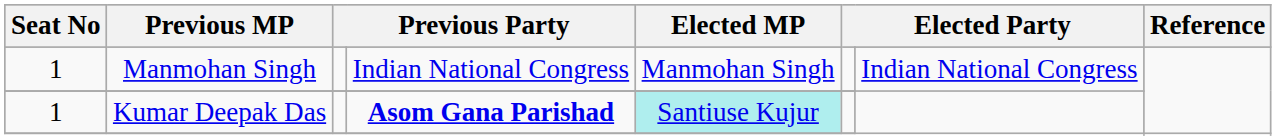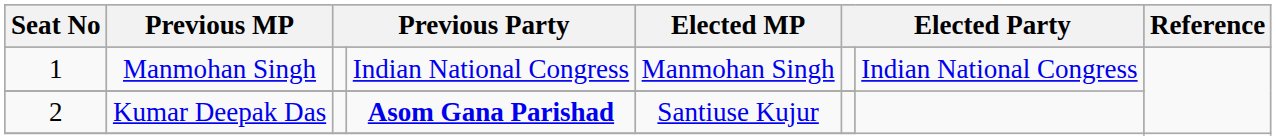 <table class="wikitable">
 <tr>
 <th>Seat No</th>
 <th>Previous MP</th>
 <th colspan=2>Previous Party</th>
 <th>Elected MP</th>
 <th colspan=2>Elected Party</th>
 <th>Reference</th>
 </tr>
 <tr style="text-align:center;">
 <td>1</td>
 <td><a href='#'>Manmohan Singh</a></td>
 <td></td>
 <td><a href='#'>Indian National Congress</a></td>
 <td><a href='#'>Manmohan Singh</a></td>
 <td></td>
 <td rowspan=2><a href='#'>Indian National Congress</a></td>
 <td rowspan=6></td>
 </tr>
 <tr>
 </tr>
 <tr style="text-align:center;">
-<td>1</td>
+<td>2</td>
 <td><a href='#'>Kumar Deepak Das</a></td>
 <td width="1px"></td>
 <td><strong><a href='#'>Asom Gana Parishad</a></strong></td>
-<td style="background: paleturquoise;"><a href='#'>Santiuse Kujur</a></td>
+<td><a href='#'>Santiuse Kujur</a></td>
 <td width="1px"></td>
 </tr>
 <tr>
 </tr>
 </table>
